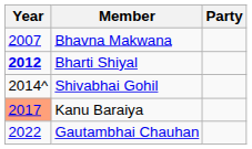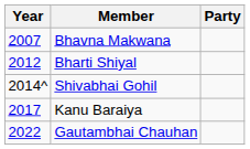 <table class="wikitable sortable">
 <tr>
 <th>Year</th>
 <th>Member</th>
 <th colspan="2">Party</th>
 </tr>
 <tr>
 <td><a href='#'>2007</a></td>
 <td><a href='#'>Bhavna Makwana</a></td>
 <td></td>
 </tr>
 <tr>
-<td><strong><a href='#'>2012</a></strong></td>
+<td><a href='#'>2012</a></td>
 <td><a href='#'>Bharti Shiyal</a></td>
 <td></td>
 </tr>
 <tr>
 <td>2014^</td>
 <td><a href='#'>Shivabhai Gohil</a></td>
 <td></td>
 </tr>
 <tr>
-<td style="background: lightsalmon;"><a href='#'>2017</a></td>
+<td><a href='#'>2017</a></td>
 <td>Kanu Baraiya</td>
 <td></td>
 </tr>
 <tr>
 <td><a href='#'>2022</a></td>
 <td><a href='#'>Gautambhai Chauhan</a></td>
 <td></td>
 </tr>
 </table>
